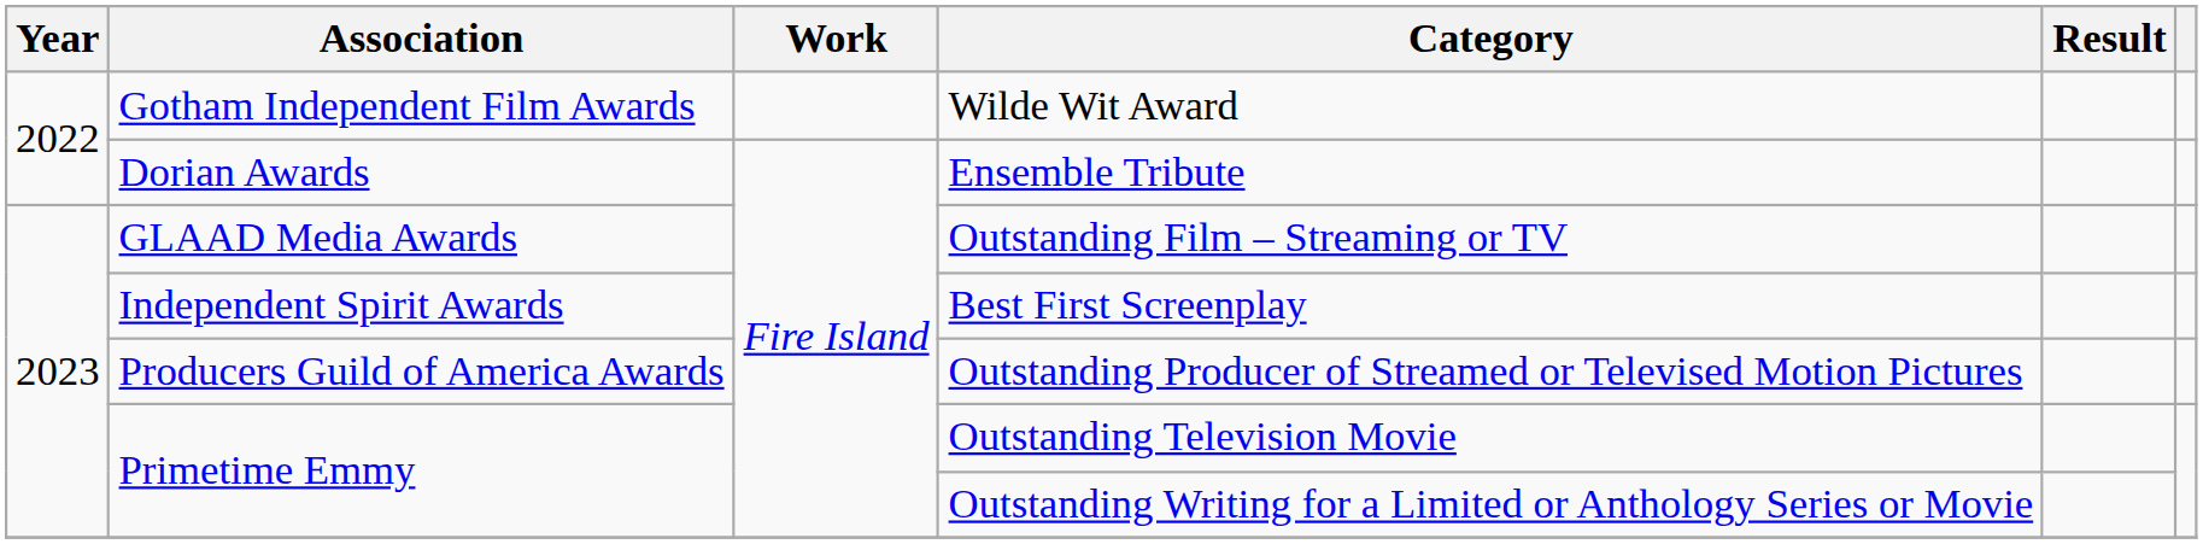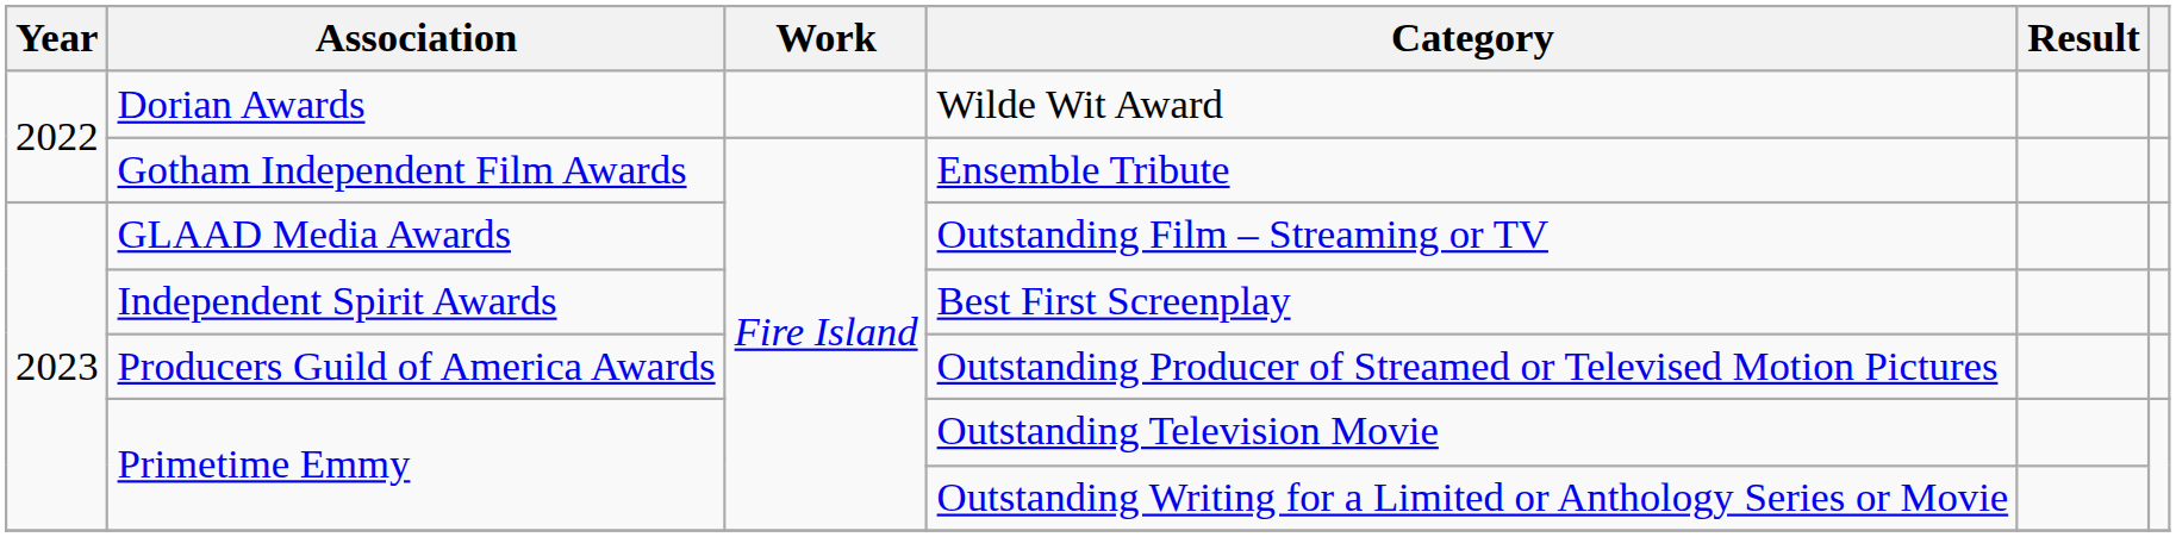 <table class="wikitable sortable">
 <tr>
 <th>Year</th>
 <th>Association</th>
 <th>Work</th>
 <th>Category</th>
 <th>Result</th>
 <th></th>
 </tr>
 <tr>
 <td rowspan="2">2022</td>
-<td><a href='#'>Gotham Independent Film Awards</a></td>
+<td><a href='#'>Dorian Awards</a></td>
 <td></td>
 <td>Wilde Wit Award</td>
 <td></td>
 <td></td>
 </tr>
 <tr>
-<td><a href='#'>Dorian Awards</a></td>
+<td><a href='#'>Gotham Independent Film Awards</a></td>
 <td rowspan="6"><em><a href='#'>Fire Island</a></em></td>
 <td><a href='#'>Ensemble Tribute</a></td>
 <td></td>
 <td></td>
 </tr>
 <tr>
 <td rowspan="5">2023</td>
 <td><a href='#'>GLAAD Media Awards</a></td>
 <td><a href='#'>Outstanding Film – Streaming or TV</a></td>
 <td></td>
 <td></td>
 </tr>
 <tr>
 <td><a href='#'>Independent Spirit Awards</a></td>
 <td><a href='#'>Best First Screenplay</a></td>
 <td></td>
 <td></td>
 </tr>
 <tr>
 <td><a href='#'>Producers Guild of America Awards</a></td>
 <td><a href='#'>Outstanding Producer of Streamed or Televised Motion Pictures</a></td>
 <td></td>
 <td></td>
 </tr>
 <tr>
 <td rowspan="2"><a href='#'>Primetime Emmy</a></td>
 <td><a href='#'>Outstanding Television Movie</a></td>
 <td></td>
 <td rowspan="2" align="center"></td>
 </tr>
 <tr>
 <td><a href='#'>Outstanding Writing for a Limited or Anthology Series or Movie</a></td>
 <td></td>
 </tr>
 <tr>
 </tr>
 </table>
